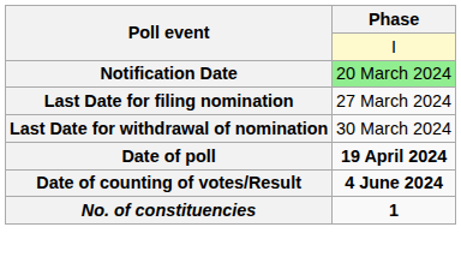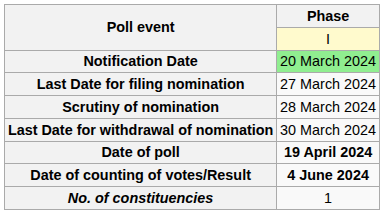 <table class="wikitable" style="text-align:center;margin:auto;font-size:90%;">
 <tr>
 <th rowspan=2>Poll event</th>
 <th>Phase</th>
 </tr>
 <tr>
 <td bgcolor=#FFFACD>I</td>
 </tr>
 <tr>
 <th>Notification Date</th>
 <td style="background: lightgreen;">20 March 2024</td>
 </tr>
 <tr>
 <th>Last Date for filing nomination</th>
 <td>27 March 2024</td>
 </tr>
 <tr>
+<th>Scrutiny of nomination</th>
+<td>28 March 2024</td>
+</tr>
+<tr>
 <th>Last Date for withdrawal of nomination</th>
 <td>30 March 2024</td>
 </tr>
 <tr>
 <th>Date of poll</th>
 <td><strong>19 April 2024</strong></td>
 </tr>
 <tr>
 <th>Date of counting of votes/Result</th>
 <td><strong>4 June 2024</strong></td>
 </tr>
 <tr>
 <th><strong><em>No. of constituencies</em></strong></th>
-<td><strong>1</strong></td>
+<td>1</td>
 </tr>
 </table>
